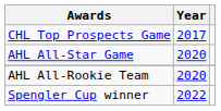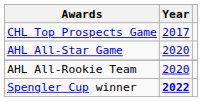 <table class="wikitable">
 <tr>
 <th>Awards</th>
 <th>Year</th>
 <th></th>
 </tr>
 <tr>
 <td><a href='#'>CHL Top Prospects Game</a></td>
 <td><a href='#'>2017</a></td>
 <td></td>
 </tr>
 <tr>
 <td><a href='#'>AHL All-Star Game</a></td>
 <td><a href='#'>2020</a></td>
 <td></td>
 </tr>
 <tr>
 </tr>
 <tr>
 <td>AHL All-Rookie Team</td>
 <td><a href='#'>2020</a></td>
 <td></td>
 </tr>
 <tr>
 <td><a href='#'>Spengler Cup</a> winner</td>
-<td><a href='#'>2022</a></td>
+<td><strong><a href='#'>2022</a></strong></td>
 <td></td>
 </tr>
 </table>
